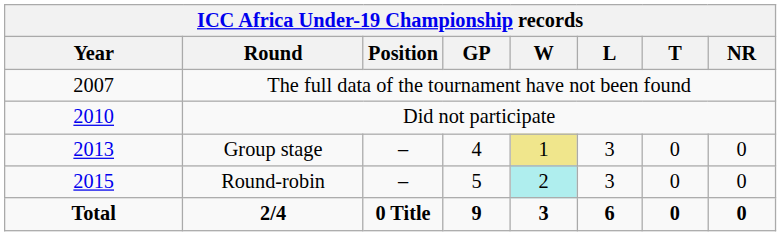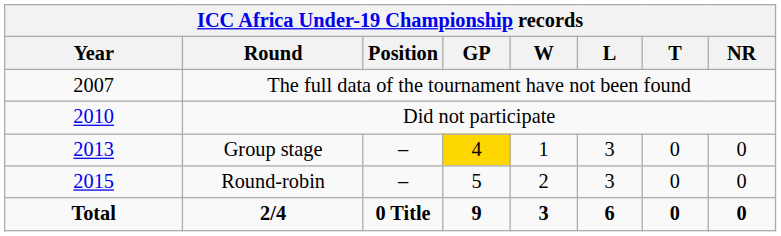 <table class="wikitable" style="text-align: center; width=900px;">
 <tr>
 <th colspan=9><a href='#'>ICC Africa Under-19 Championship</a> records</th>
 </tr>
 <tr>
 <th width=150>Year</th>
 <th width=150>Round</th>
 <th width=50>Position</th>
 <th width=50>GP</th>
 <th width=50>W</th>
 <th width=50>L</th>
 <th width=50>T</th>
 <th width=50>NR</th>
 </tr>
 <tr>
 <td> 2007</td>
 <td colspan=8>The full data of the tournament have not been found</td>
 </tr>
 <tr>
 <td> <a href='#'>2010</a></td>
 <td colspan=8>Did not participate</td>
 </tr>
 <tr>
 <td> <a href='#'>2013</a></td>
 <td>Group stage</td>
 <td>–</td>
-<td>4</td>
-<td style="background: khaki;">1</td>
+<td style="background: gold;">4</td>
+<td>1</td>
 <td>3</td>
 <td>0</td>
 <td>0</td>
 </tr>
 <tr>
 <td> <a href='#'>2015</a></td>
 <td>Round-robin</td>
 <td>–</td>
 <td>5</td>
-<td style="background: paleturquoise;">2</td>
+<td>2</td>
 <td>3</td>
 <td>0</td>
 <td>0</td>
 </tr>
 <tr>
 <td><strong>Total</strong></td>
 <td><strong>2/4</strong></td>
 <td><strong>0 Title</strong></td>
 <td><strong>9</strong></td>
 <td><strong>3</strong></td>
 <td><strong>6</strong></td>
 <td><strong>0</strong></td>
 <td><strong>0</strong></td>
 </tr>
 </table>
